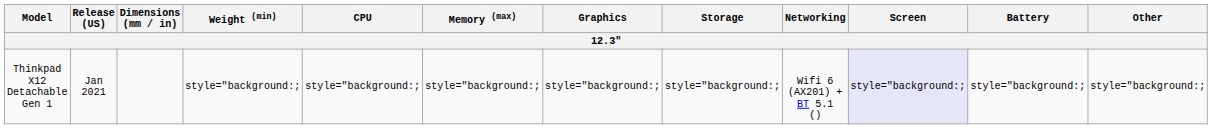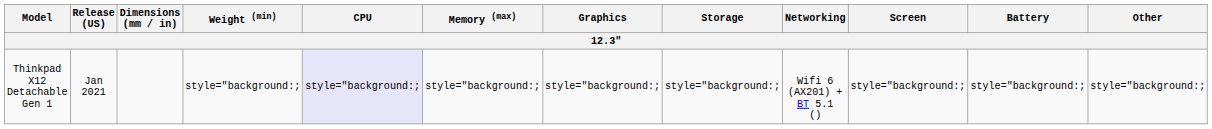 <table class="wikitable" style="font-size: 80%; text-align: center; min-width: 80%;">
 <tr>
 <th>Model</th>
 <th>Release (US)</th>
 <th>Dimensions (mm / in)</th>
 <th>Weight <sup>(min)</sup></th>
 <th style="width:17%">CPU</th>
 <th>Memory <sup>(max)</sup></th>
 <th>Graphics</th>
 <th>Storage</th>
 <th>Networking</th>
 <th>Screen</th>
 <th>Battery</th>
 <th>Other</th>
 </tr>
 <tr>
 <th colspan=12>12.3"</th>
 </tr>
 <tr>
 <td>Thinkpad X12 Detachable Gen 1 </td>
 <td>Jan 2021</td>
 <td></td>
 <td>style="background:;</td>
-<td>style="background:; </td>
+<td style="background: lavender;">style="background:; </td>
 <td>style="background:;</td>
 <td>style="background:;</td>
 <td>style="background:;</td>
 <td><br><br>Wifi 6 (AX201) + <a href='#'>BT</a> 5.1 <br>()<br></td>
-<td style="background: lavender;">style="background:;</td>
+<td>style="background:;</td>
 <td>style="background:;</td>
 <td>style="background:;</td>
 </tr>
 </table>
